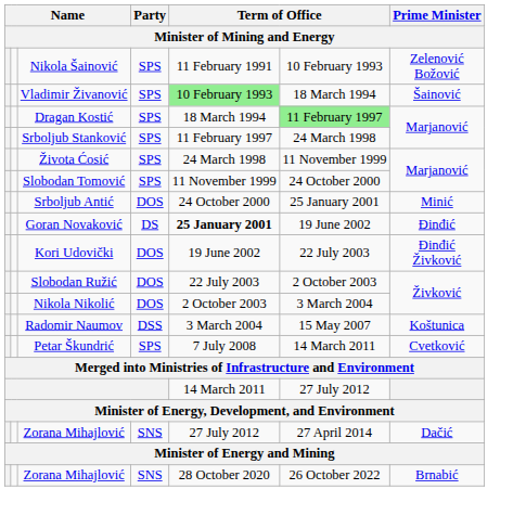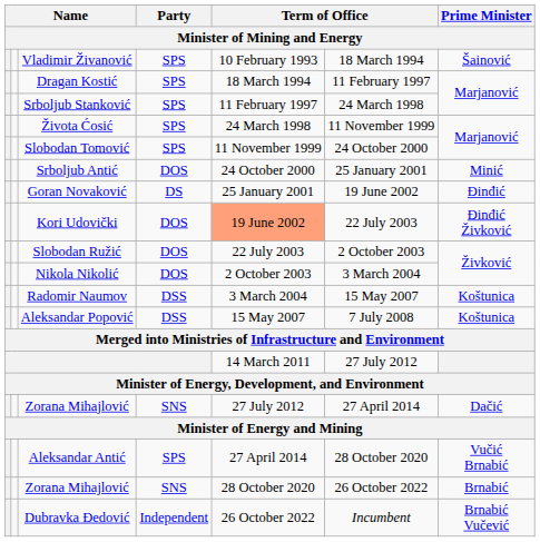 <table class="wikitable" style="text-align:center;">
 <tr>
 <th colspan=3>Name<br></th>
 <th>Party</th>
 <th colspan=2>Term of Office</th>
 <th><a href='#'>Prime Minister</a><br></th>
 </tr>
 <tr>
 <th colspan="7">Minister of Mining and Energy</th>
 </tr>
 <tr>
 <th style="background:"></th>
 <td></td>
-<td><a href='#'>Nikola Šainović</a><br></td>
-<td><a href='#'>SPS</a></td>
-<td>11 February 1991</td>
-<td>10 February 1993</td>
-<td><a href='#'>Zelenović</a> <br><a href='#'>Božović</a> </td>
-</tr>
-<tr>
-<th style="background:"></th>
-<td></td>
 <td><a href='#'>Vladimir Živanović</a></td>
 <td><a href='#'>SPS</a></td>
-<td style="background: lightgreen;">10 February 1993</td>
+<td>10 February 1993</td>
 <td>18 March 1994</td>
 <td><a href='#'>Šainović</a> </td>
 </tr>
 <tr>
 <th style="background:"></th>
 <td></td>
 <td><a href='#'>Dragan Kostić</a><br></td>
 <td><a href='#'>SPS</a></td>
 <td>18 March 1994</td>
-<td style="background: lightgreen;">11 February 1997</td>
+<td>11 February 1997</td>
 <td rowspan=2><a href='#'>Marjanović</a> </td>
 </tr>
 <tr>
 <th style="background:"></th>
 <td></td>
 <td><a href='#'>Srboljub Stanković</a><br></td>
 <td><a href='#'>SPS</a></td>
 <td>11 February 1997</td>
 <td>24 March 1998</td>
 </tr>
 <tr>
 <th style="background:"></th>
 <td></td>
 <td><a href='#'>Života Ćosić</a><br></td>
 <td><a href='#'>SPS</a></td>
 <td>24 March 1998</td>
 <td>11 November 1999</td>
 <td rowspan=2><a href='#'>Marjanović</a> </td>
 </tr>
 <tr>
 <th style="background:"></th>
 <td></td>
 <td><a href='#'>Slobodan Tomović</a><br></td>
 <td><a href='#'>SPS</a></td>
 <td>11 November 1999</td>
 <td>24 October 2000</td>
 </tr>
 <tr>
 <th style="background:"></th>
 <td></td>
 <td><a href='#'>Srboljub Antić</a><br></td>
 <td><a href='#'>DOS</a></td>
 <td>24 October 2000</td>
 <td>25 January 2001</td>
 <td><a href='#'>Minić</a> </td>
 </tr>
 <tr>
 <th style="background:"></th>
 <td></td>
 <td><a href='#'>Goran Novaković</a><br></td>
 <td><a href='#'>DS</a></td>
-<td><strong>25 January 2001</strong></td>
+<td>25 January 2001</td>
 <td>19 June 2002</td>
 <td><a href='#'>Đinđić</a> </td>
 </tr>
 <tr>
 <th style="background:"></th>
 <td></td>
 <td><a href='#'>Kori Udovički</a><br></td>
 <td><a href='#'>DOS</a></td>
-<td>19 June 2002</td>
+<td style="background: lightsalmon;">19 June 2002</td>
 <td>22 July 2003</td>
 <td><a href='#'>Đinđić</a> <br><a href='#'>Živković</a> </td>
 </tr>
 <tr>
 <th style="background:"></th>
 <td></td>
 <td><a href='#'>Slobodan Ružić</a><br></td>
 <td><a href='#'>DOS</a></td>
 <td>22 July 2003</td>
 <td>2 October 2003</td>
 <td rowspan=2><a href='#'>Živković</a> </td>
 </tr>
 <tr>
 <th style="background:"></th>
 <td></td>
 <td><a href='#'>Nikola Nikolić</a><br></td>
 <td><a href='#'>DOS</a></td>
 <td>2 October 2003</td>
 <td>3 March 2004</td>
 </tr>
 <tr>
 <th style="background:"></th>
 <td></td>
 <td><a href='#'>Radomir Naumov</a><br></td>
 <td><a href='#'>DSS</a></td>
 <td>3 March 2004</td>
 <td>15 May 2007</td>
 <td><a href='#'>Koštunica</a> </td>
 </tr>
 <tr>
 <th style="background:"></th>
 <td></td>
-<td><a href='#'>Petar Škundrić</a><br></td>
-<td><a href='#'>SPS</a></td>
+<td><a href='#'>Aleksandar Popović</a><br></td>
+<td><a href='#'>DSS</a></td>
+<td>15 May 2007</td>
 <td>7 July 2008</td>
-<td>14 March 2011</td>
-<td><a href='#'>Cvetković</a> </td>
+<td><a href='#'>Koštunica</a> </td>
 </tr>
 <tr>
 <th colspan="7">Merged into Ministries of <a href='#'>Infrastructure</a> and <a href='#'>Environment</a></th>
 </tr>
 <tr>
 <th colspan="4"></th>
 <td>14 March 2011</td>
 <td>27 July 2012</td>
 <th></th>
 </tr>
 <tr>
 <th colspan="7">Minister of Energy, Development, and Environment</th>
 </tr>
 <tr>
 <th style="background:"></th>
 <td></td>
 <td><a href='#'>Zorana Mihajlović</a><br></td>
 <td><a href='#'>SNS</a></td>
 <td>27 July 2012</td>
 <td>27 April 2014</td>
 <td><a href='#'>Dačić</a> </td>
 </tr>
 <tr>
 <th colspan="7">Minister of Energy and Mining</th>
 </tr>
 <tr>
 <th style="background:"></th>
 <td></td>
+<td><a href='#'>Aleksandar Antić</a><br></td>
+<td><a href='#'>SPS</a></td>
+<td>27 April 2014</td>
+<td>28 October 2020</td>
+<td><a href='#'>Vučić</a> <br><a href='#'>Brnabić</a> </td>
+</tr>
+<tr>
+<th style="background:"></th>
+<td></td>
 <td><a href='#'>Zorana Mihajlović</a><br></td>
 <td><a href='#'>SNS</a></td>
 <td>28 October 2020</td>
 <td>26 October 2022</td>
 <td><a href='#'>Brnabić</a> </td>
 </tr>
+<tr>
+<th style="background:"></th>
+<td></td>
+<td><a href='#'>Dubravka Đedović</a><br></td>
+<td><a href='#'>Independent</a></td>
+<td>26 October 2022</td>
+<td><em>Incumbent</em></td>
+<td><a href='#'>Brnabić</a> <br><a href='#'>Vučević</a> </td>
+</tr>
 </table>
